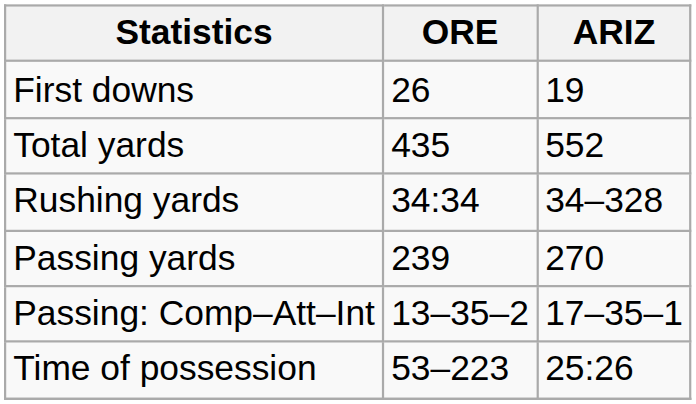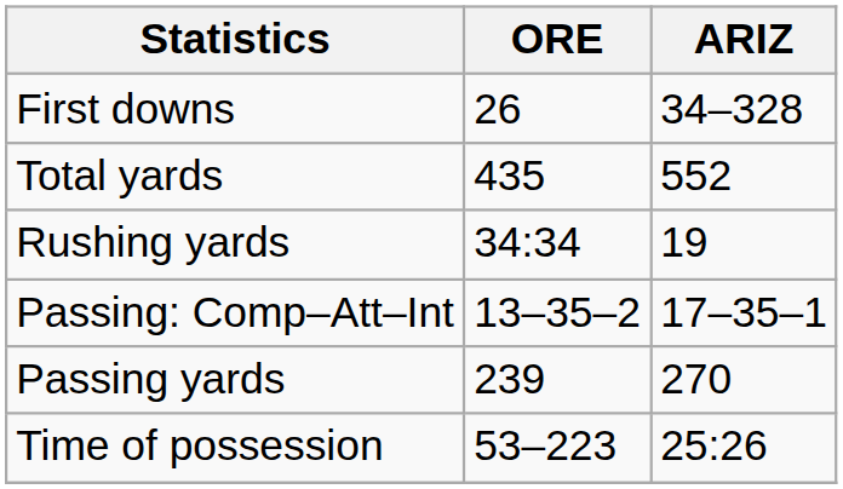 <table class="wikitable" style="float: left;">
 <tr>
 <th>Statistics</th>
 <th>ORE</th>
 <th>ARIZ</th>
 </tr>
 <tr>
 <td>First downs</td>
 <td>26</td>
-<td>19</td>
+<td>34–328</td>
 </tr>
 <tr>
 <td>Total yards</td>
 <td>435</td>
 <td>552</td>
 </tr>
 <tr>
 <td>Rushing yards</td>
 <td>34:34</td>
-<td>34–328</td>
+<td>19</td>
+</tr>
+<tr>
+<td>Passing: Comp–Att–Int</td>
+<td>13–35–2</td>
+<td>17–35–1</td>
 </tr>
 <tr>
 <td>Passing yards</td>
 <td>239</td>
 <td>270</td>
-</tr>
-<tr>
-<td>Passing: Comp–Att–Int</td>
-<td>13–35–2</td>
-<td>17–35–1</td>
 </tr>
 <tr>
 <td>Time of possession</td>
 <td>53–223</td>
 <td>25:26</td>
 </tr>
 <tr>
 </tr>
 </table>
